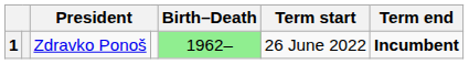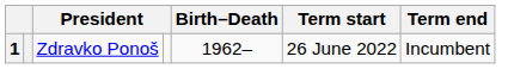 <table class="wikitable" style="text-align:center">
 <tr>
 <th colspan="2"></th>
 <th colspan="2">President</th>
 <th>Birth–Death</th>
 <th>Term start</th>
 <th>Term end</th>
 </tr>
 <tr>
 <th>1</th>
 <th style="background:"></th>
 <td><a href='#'>Zdravko Ponoš</a></td>
 <td></td>
-<td style="background: lightgreen;">1962–</td>
+<td>1962–</td>
 <td>26 June 2022</td>
-<td><strong>Incumbent</strong></td>
+<td>Incumbent</td>
 </tr>
 </table>
